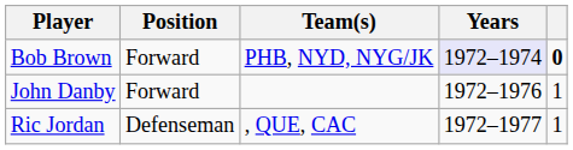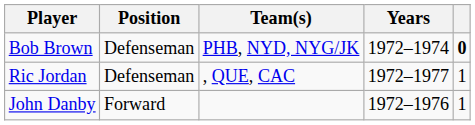 <table class="wikitable sortable">
 <tr>
 <th>Player</th>
 <th>Position</th>
 <th>Team(s)</th>
 <th>Years</th>
 <th><a href='#'></a></th>
 </tr>
 <tr>
 <td><a href='#'>Bob Brown</a></td>
-<td>Forward</td>
+<td>Defenseman</td>
 <td><a href='#'>PHB</a>, <a href='#'>NYD, NYG/JK</a></td>
-<td style="background: lavender;">1972–1974</td>
+<td>1972–1974</td>
 <td><strong>0</strong></td>
+</tr>
+<tr>
+<td><a href='#'>Ric Jordan</a></td>
+<td>Defenseman</td>
+<td><span><strong></strong></span>, <a href='#'>QUE</a>, <a href='#'>CAC</a></td>
+<td>1972–1977</td>
+<td>1</td>
 </tr>
 <tr>
 <td><a href='#'>John Danby</a></td>
 <td>Forward</td>
 <td><span><strong></strong></span></td>
 <td>1972–1976</td>
 <td>1</td>
 </tr>
-<tr>
-<td><a href='#'>Ric Jordan</a></td>
-<td>Defenseman</td>
-<td><span><strong></strong></span>, <a href='#'>QUE</a>, <a href='#'>CAC</a></td>
-<td>1972–1977</td>
-<td>1</td>
-</tr>
 </table>
